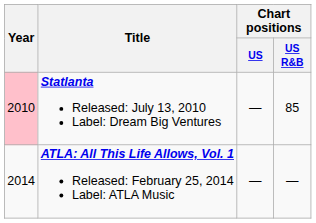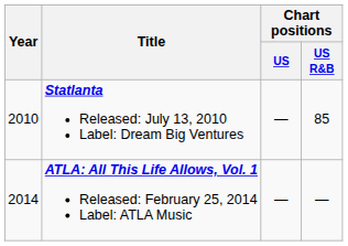 <table class="wikitable">
 <tr>
 <th rowspan="2">Year</th>
 <th rowspan="2">Title</th>
 <th colspan="2">Chart positions</th>
 </tr>
 <tr>
 <th width="40"><small><a href='#'>US</a></small></th>
 <th width="40"><small><a href='#'>US R&B</a></small></th>
 </tr>
 <tr>
-<td style="background: pink;">2010</td>
+<td>2010</td>
 <td><strong><em><a href='#'>Statlanta</a></em></strong><br><ul><li>Released: July 13, 2010</li><li>Label: Dream Big Ventures</li></ul></td>
 <td align="center">—</td>
 <td align="center">85</td>
 </tr>
 <tr>
 <td>2014</td>
 <td><strong><em><a href='#'>ATLA: All This Life Allows, Vol. 1</a></em></strong><br><ul><li>Released: February 25, 2014</li><li>Label: ATLA Music</li></ul></td>
 <td align="center">—</td>
 <td align="center">—</td>
 </tr>
 </table>
